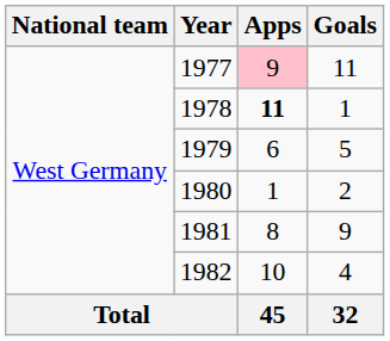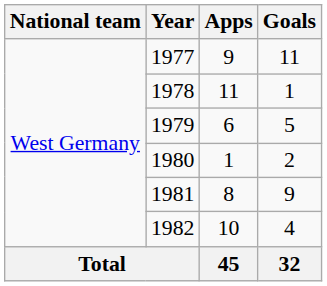 <table class="wikitable" style="text-align:center">
 <tr>
 <th>National team</th>
 <th>Year</th>
 <th>Apps</th>
 <th>Goals</th>
 </tr>
 <tr>
 <td rowspan="6"><a href='#'>West Germany</a></td>
 <td>1977</td>
-<td style="background: pink;">9</td>
+<td>9</td>
 <td>11</td>
 </tr>
 <tr>
 <td>1978</td>
-<td><strong>11</strong></td>
+<td>11</td>
 <td>1</td>
 </tr>
 <tr>
 <td>1979</td>
 <td>6</td>
 <td>5</td>
 </tr>
 <tr>
 <td>1980</td>
 <td>1</td>
 <td>2</td>
 </tr>
 <tr>
 <td>1981</td>
 <td>8</td>
 <td>9</td>
 </tr>
 <tr>
 <td>1982</td>
 <td>10</td>
 <td>4</td>
 </tr>
 <tr>
 <th colspan="2">Total</th>
 <th>45</th>
 <th>32</th>
 </tr>
 </table>
